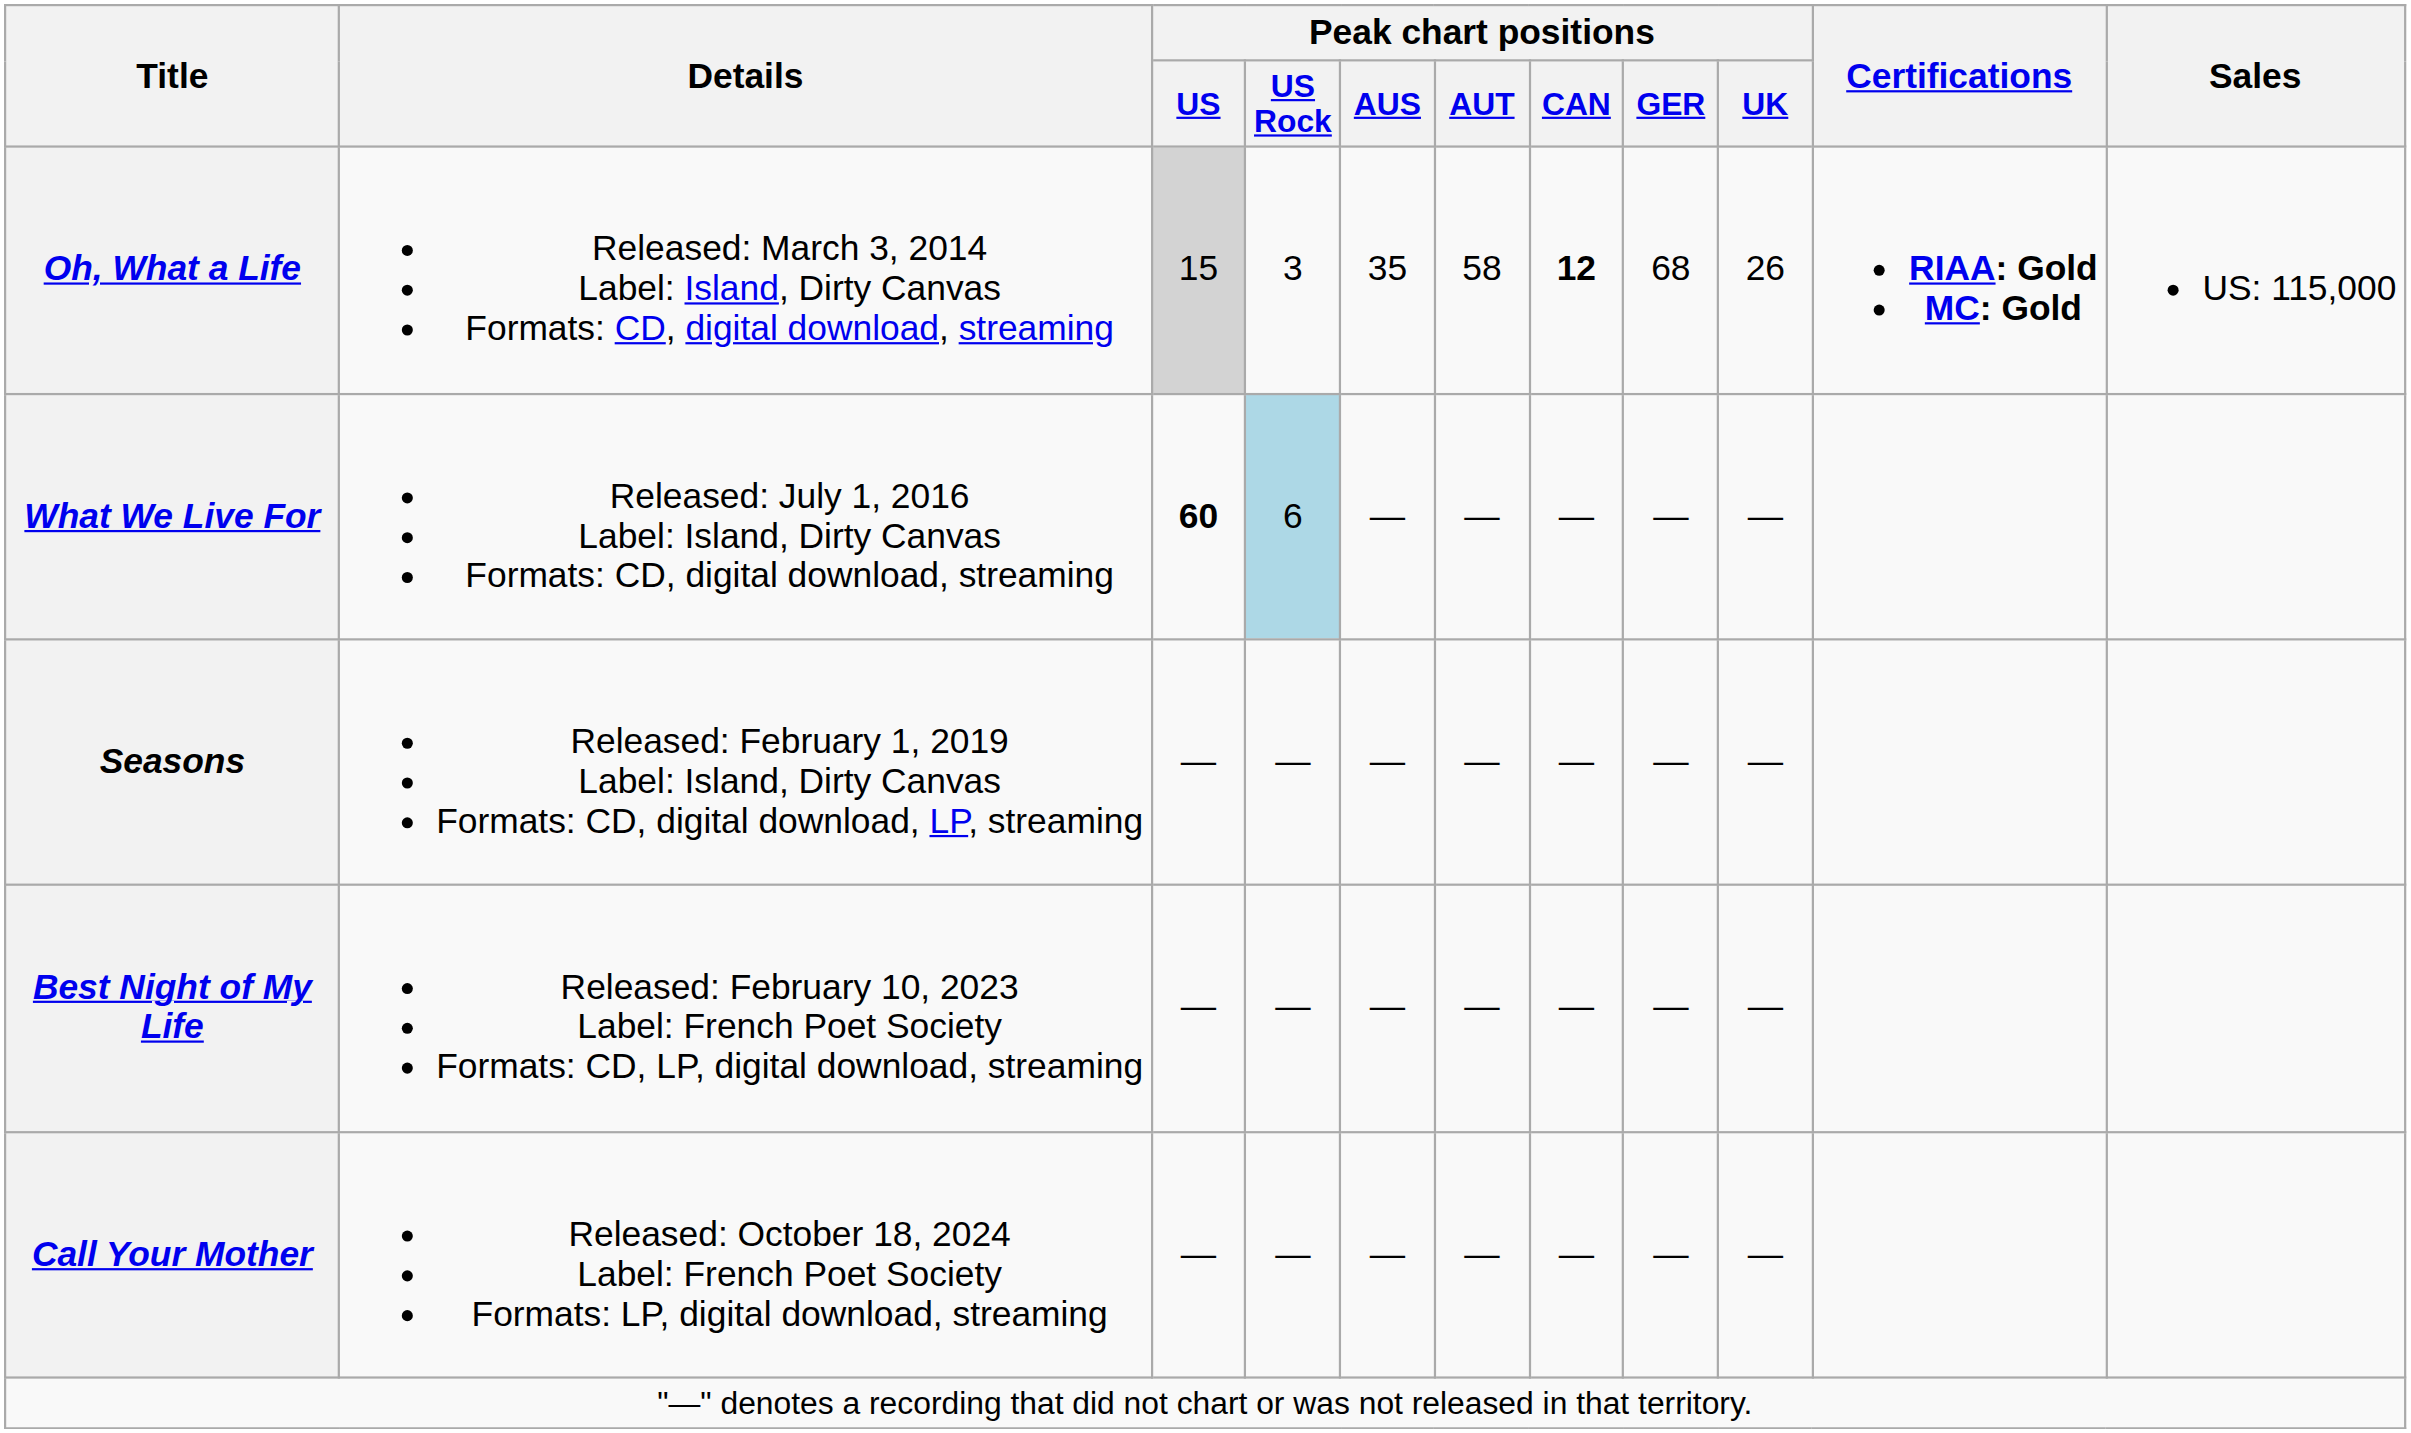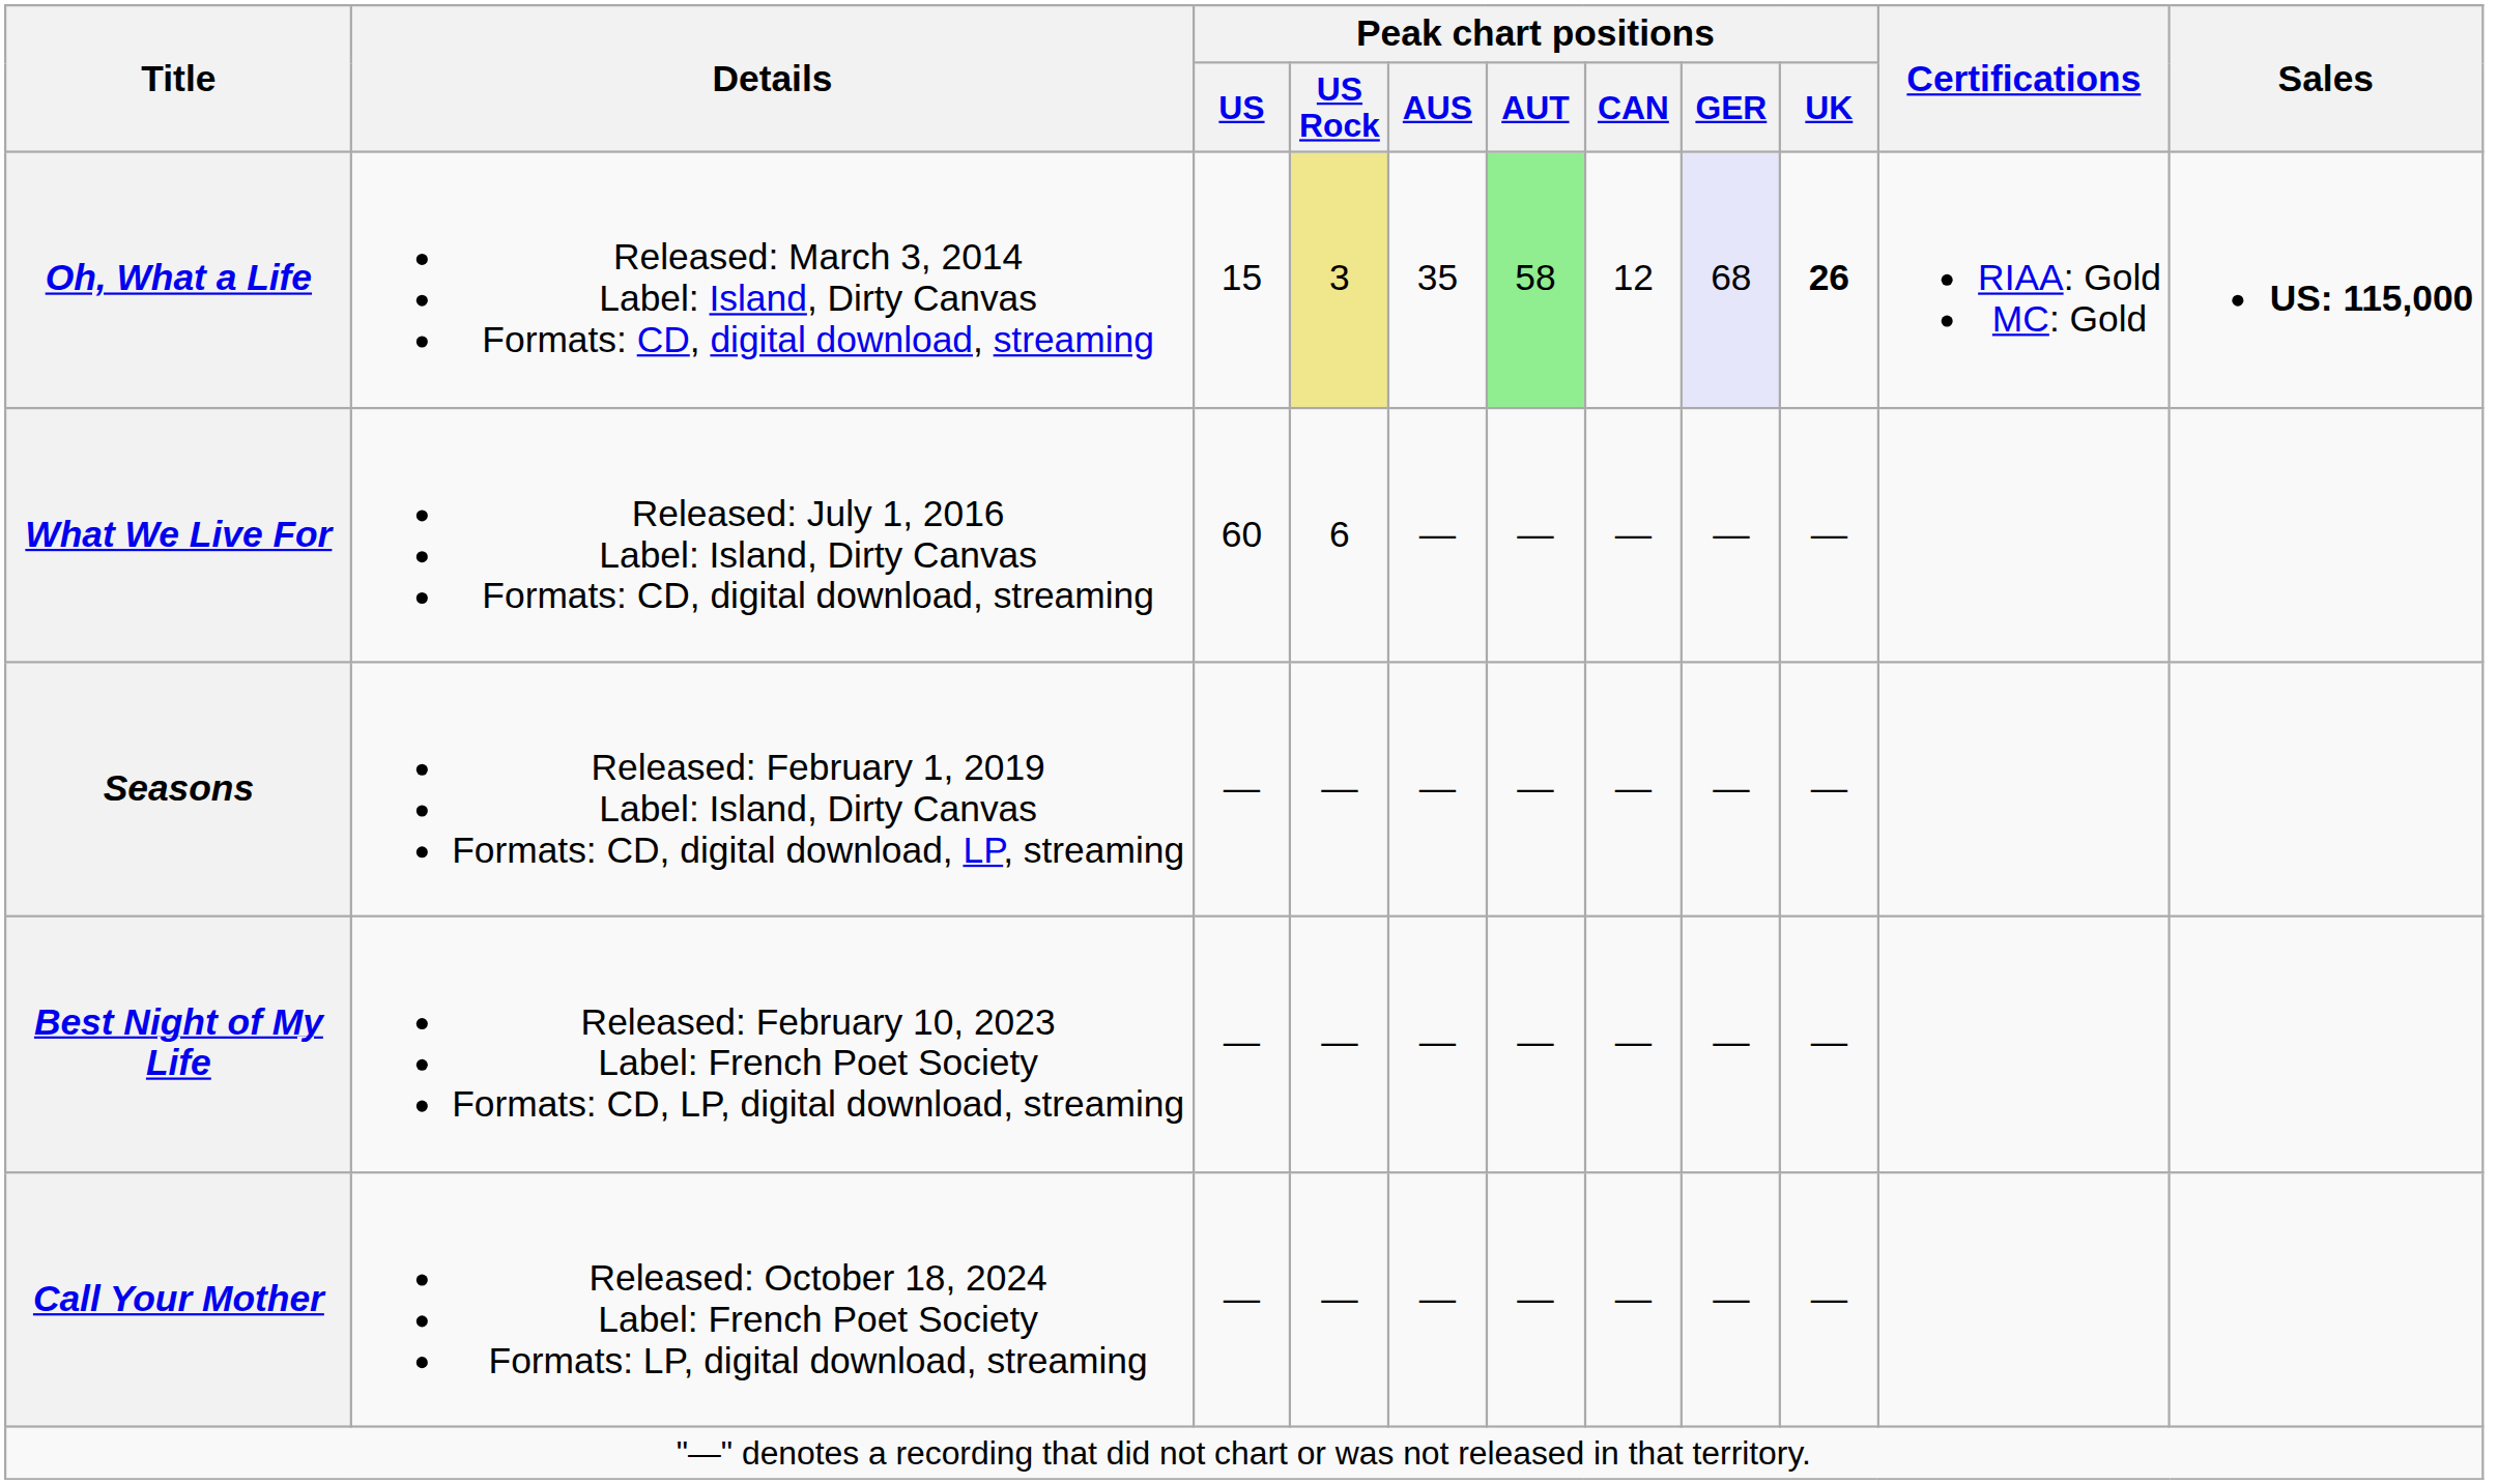 <table class="wikitable plainrowheaders" style="text-align:center;">
 <tr>
 <th scope="col" rowspan="2" style="width:9em;">Title</th>
 <th scope="col" rowspan="2">Details</th>
 <th scope="col" colspan="7">Peak chart positions</th>
 <th scope="col" rowspan="2"><a href='#'>Certifications</a></th>
 <th scope="col" rowspan="2">Sales</th>
 </tr>
 <tr>
 <th scope="col" style="width:2.5em;font-size:90%;"><a href='#'>US</a><br></th>
 <th scope="col" style="width:2.5em;font-size:90%;"><a href='#'>US<br>Rock</a><br></th>
 <th scope="col" style="width:2.5em;font-size:90%;"><a href='#'>AUS</a><br></th>
 <th scope="col" style="width:2.5em;font-size:90%;"><a href='#'>AUT</a><br></th>
 <th scope="col" style="width:2.5em;font-size:90%;"><a href='#'>CAN</a><br></th>
 <th scope="col" style="width:2.5em;font-size:90%;"><a href='#'>GER</a><br></th>
 <th scope="col" style="width:2.5em;font-size:90%;"><a href='#'>UK</a><br></th>
 </tr>
 <tr>
 <th scope="row"><em><a href='#'>Oh, What a Life</a></em></th>
 <td><br><ul><li>Released: March 3, 2014</li><li>Label: <a href='#'>Island</a>, Dirty Canvas</li><li>Formats: <a href='#'>CD</a>, <a href='#'>digital download</a>, <a href='#'>streaming</a></li></ul></td>
-<td style="background: lightgrey;">15</td>
-<td>3</td>
+<td>15</td>
+<td style="background: khaki;">3</td>
 <td>35</td>
-<td>58</td>
-<td><strong>12</strong></td>
-<td>68</td>
-<td>26</td>
-<td><strong><br><ul><li><a href='#'>RIAA</a>: Gold</li><li><a href='#'>MC</a>: Gold</li></ul></strong></td>
-<td><br><ul><li>US: 115,000</li></ul></td>
+<td style="background: lightgreen;">58</td>
+<td>12</td>
+<td style="background: lavender;">68</td>
+<td><strong>26</strong></td>
+<td><br><ul><li><a href='#'>RIAA</a>: Gold</li><li><a href='#'>MC</a>: Gold</li></ul></td>
+<td><strong><br><ul><li>US: 115,000</li></ul></strong></td>
 </tr>
 <tr>
 <th scope="row"><em><a href='#'>What We Live For</a></em></th>
 <td><br><ul><li>Released: July 1, 2016</li><li>Label: Island, Dirty Canvas</li><li>Formats: CD, digital download, streaming</li></ul></td>
-<td><strong>60</strong></td>
-<td style="background: lightblue;">6</td>
+<td>60</td>
+<td>6</td>
 <td>—</td>
 <td>—</td>
 <td>—</td>
 <td>—</td>
 <td>—</td>
 <td></td>
 <td></td>
 </tr>
 <tr>
 <th scope="row"><em>Seasons</em></th>
 <td><br><ul><li>Released: February 1, 2019</li><li>Label: Island, Dirty Canvas</li><li>Formats: CD, digital download, <a href='#'>LP</a>, streaming</li></ul></td>
 <td>—</td>
 <td>—</td>
 <td>—</td>
 <td>—</td>
 <td>—</td>
 <td>—</td>
 <td>—</td>
 <td></td>
 <td></td>
 </tr>
 <tr>
 <th scope="row"><em><a href='#'>Best Night of My Life</a></em></th>
 <td><br><ul><li>Released: February 10, 2023</li><li>Label: French Poet Society</li><li>Formats: CD, LP, digital download, streaming</li></ul></td>
 <td>—</td>
 <td>—</td>
 <td>—</td>
 <td>—</td>
 <td>—</td>
 <td>—</td>
 <td>—</td>
 <td></td>
 <td></td>
 </tr>
 <tr>
 <th scope="row"><em><a href='#'>Call Your Mother</a></em></th>
 <td><br><ul><li>Released: October 18, 2024</li><li>Label: French Poet Society</li><li>Formats: LP, digital download, streaming</li></ul></td>
 <td>—</td>
 <td>—</td>
 <td>—</td>
 <td>—</td>
 <td>—</td>
 <td>—</td>
 <td>—</td>
 <td></td>
 <td></td>
 </tr>
 <tr>
 <td colspan="14" style="font-size:90%">"—" denotes a recording that did not chart or was not released in that territory.</td>
 </tr>
 </table>
